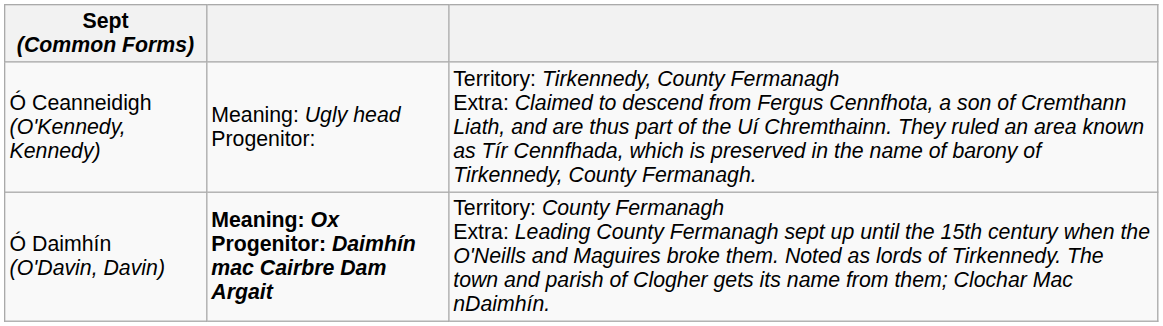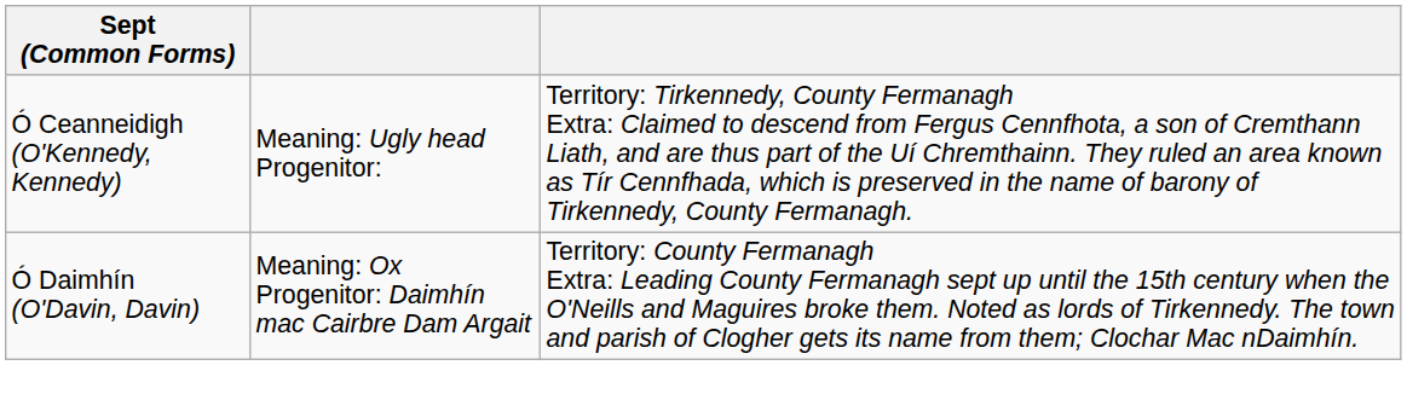 <table class="wikitable">
 <tr>
 <th width="160"><strong>Sept</strong><br><strong><em>(Common Forms)</em></strong></th>
 <th width="200"></th>
 <th width="650"></th>
 </tr>
 <tr>
 <td>Ó Ceanneidigh<br><em>(O'Kennedy, Kennedy)</em></td>
 <td>Meaning: <em>Ugly head</em><br>Progenitor:</td>
 <td>Territory: <em>Tirkennedy, County Fermanagh</em><br>Extra:  <em>Claimed to descend from Fergus Cennfhota, a son of Cremthann Liath, and are thus part of the Uí Chremthainn. They ruled an area known as Tír Cennfhada, which is preserved in the name of barony of Tirkennedy, County Fermanagh.</em></td>
 </tr>
 <tr>
 <td>Ó Daimhín<br><em>(O'Davin, Davin)</em></td>
-<td><strong>Meaning: <em>Ox</em><br>Progenitor: <em>Daimhín mac Cairbre Dam Argait</em></strong></td>
+<td>Meaning: <em>Ox</em><br>Progenitor: <em>Daimhín mac Cairbre Dam Argait</em></td>
 <td>Territory: <em>County Fermanagh</em><br>Extra: <em>Leading County Fermanagh sept up until the 15th century when the O'Neills and Maguires broke them. Noted as lords of Tirkennedy. The town and parish of Clogher gets its name from them; Clochar Mac nDaimhín.</em></td>
 </tr>
 </table>
